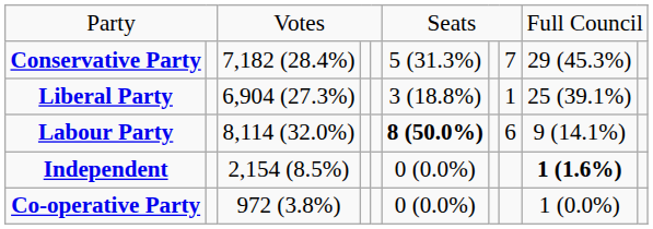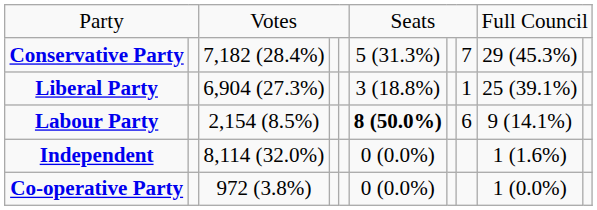 <table class=wikitable style="text-align:center;">
 <tr>
 <td colspan=2>Party</td>
 <td colspan=3>Votes</td>
 <td colspan=3>Seats</td>
 <td colspan=3>Full Council</td>
 </tr>
 <tr>
 <td><strong><a href='#'>Conservative Party</a></strong></td>
 <td style="background:"></td>
 <td>7,182 (28.4%)</td>
 <td></td>
 <td></td>
 <td>5 (31.3%)</td>
 <td></td>
 <td> 7</td>
 <td>29 (45.3%)</td>
 <td></td>
 </tr>
 <tr>
 <td><strong><a href='#'>Liberal Party</a></strong></td>
 <td style="background:"></td>
 <td>6,904 (27.3%)</td>
 <td></td>
 <td></td>
 <td>3  (18.8%)</td>
 <td></td>
 <td> 1</td>
 <td>25 (39.1%)</td>
 <td></td>
 </tr>
 <tr>
 <td><strong><a href='#'>Labour Party</a></strong></td>
 <td style="background:"></td>
-<td>8,114 (32.0%)</td>
+<td>2,154 (8.5%)</td>
 <td></td>
 <td></td>
 <td><strong>8 (50.0%)</strong></td>
 <td></td>
 <td> 6</td>
 <td>9 (14.1%)</td>
 <td></td>
 </tr>
 <tr>
 <td><strong><a href='#'>Independent</a></strong></td>
 <td style="background:"></td>
-<td>2,154 (8.5%)</td>
+<td>8,114 (32.0%)</td>
 <td></td>
 <td></td>
 <td>0 (0.0%)</td>
 <td></td>
 <td></td>
-<td><strong>1 (1.6%)</strong></td>
+<td>1 (1.6%)</td>
 <td></td>
 </tr>
 <tr>
 <td><strong><a href='#'>Co-operative Party</a></strong></td>
 <td style="background:"></td>
 <td>972 (3.8%)</td>
 <td></td>
 <td></td>
 <td>0 (0.0%)</td>
 <td></td>
 <td></td>
 <td>1 (0.0%)</td>
 <td></td>
 </tr>
 </table>
